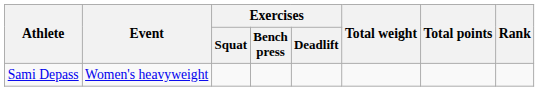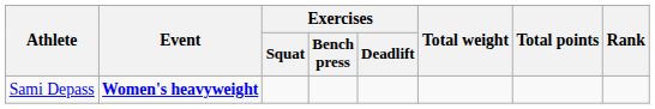 <table class=wikitable style="font-size:90%">
 <tr>
 <th rowspan="2">Athlete</th>
 <th rowspan="2">Event</th>
 <th colspan="3">Exercises</th>
 <th rowspan="2">Total weight</th>
 <th rowspan="2">Total points</th>
 <th rowspan="2">Rank</th>
 </tr>
 <tr style="font-size:95%">
 <th>Squat</th>
 <th>Bench<br>press</th>
 <th>Deadlift</th>
 </tr>
 <tr align=center>
 <td align=left><a href='#'>Sami Depass</a></td>
-<td align=left><a href='#'>Women's heavyweight</a></td>
+<td align=left><strong><a href='#'>Women's heavyweight</a></strong></td>
 <td></td>
 <td></td>
 <td></td>
 <td></td>
 <td></td>
 <td></td>
 </tr>
 </table>
